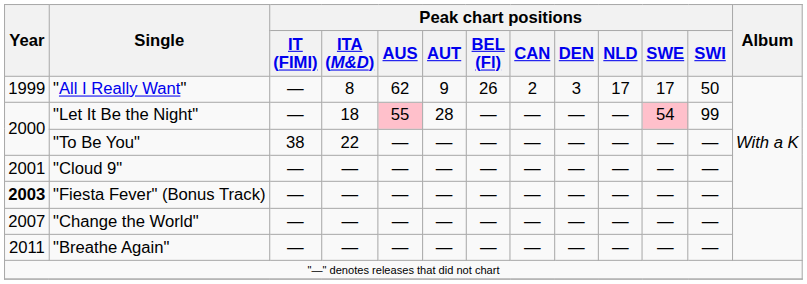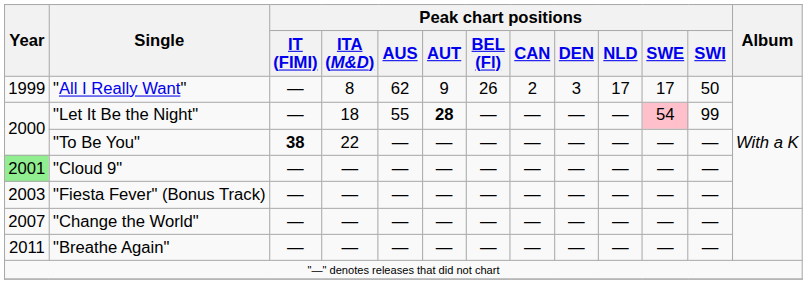 <table class="wikitable" style="text-align:center;">
 <tr>
 <th rowspan="2">Year</th>
 <th rowspan="2">Single</th>
 <th colspan="10">Peak chart positions</th>
 <th rowspan="2">Album</th>
 </tr>
 <tr>
 <th width="35"><a href='#'>IT<br>(FIMI)</a><br></th>
 <th width="35"><a href='#'>ITA<br>(<em>M&D</em>)</a><br></th>
 <th width="35"><a href='#'>AUS</a><br></th>
 <th width="35"><a href='#'>AUT</a><br></th>
 <th width="35"><a href='#'>BEL<br>(Fl)</a><br></th>
 <th width="35"><a href='#'>CAN</a><br></th>
 <th width="35"><a href='#'>DEN</a><br></th>
 <th width="35"><a href='#'>NLD</a><br></th>
 <th width="35"><a href='#'>SWE</a><br></th>
 <th width="35"><a href='#'>SWI</a><br></th>
 </tr>
 <tr>
 <td>1999</td>
 <td align="left">"<a href='#'>All I Really Want</a>"</td>
 <td>—</td>
 <td>8</td>
 <td>62</td>
 <td>9</td>
 <td>26</td>
 <td>2</td>
 <td>3</td>
 <td>17</td>
 <td>17</td>
 <td>50</td>
 <td align="left" rowspan="5"><em>With a K</em></td>
 </tr>
 <tr>
 <td rowspan="2">2000</td>
 <td align="left">"Let It Be the Night"</td>
 <td>—</td>
 <td>18</td>
-<td style="background: pink;">55</td>
-<td>28</td>
+<td>55</td>
+<td><strong>28</strong></td>
 <td>—</td>
 <td>—</td>
 <td>—</td>
 <td>—</td>
 <td style="background: pink;">54</td>
 <td>99</td>
 </tr>
 <tr>
 <td align="left">"To Be You"</td>
-<td>38</td>
+<td><strong>38</strong></td>
 <td>22</td>
 <td>—</td>
 <td>—</td>
 <td>—</td>
 <td>—</td>
 <td>—</td>
 <td>—</td>
 <td>—</td>
 <td>—</td>
 </tr>
 <tr>
-<td>2001</td>
+<td style="background: lightgreen;">2001</td>
 <td align="left">"Cloud 9"</td>
 <td>—</td>
 <td>—</td>
 <td>—</td>
 <td>—</td>
 <td>—</td>
 <td>—</td>
 <td>—</td>
 <td>—</td>
 <td>—</td>
 <td>—</td>
 </tr>
 <tr>
-<td><strong>2003</strong></td>
+<td>2003</td>
 <td align="left">"Fiesta Fever" (Bonus Track)</td>
 <td>—</td>
 <td>—</td>
 <td>—</td>
 <td>—</td>
 <td>—</td>
 <td>—</td>
 <td>—</td>
 <td>—</td>
 <td>—</td>
 <td>—</td>
 </tr>
 <tr>
 <td>2007</td>
 <td align="left">"Change the World"</td>
 <td>—</td>
 <td>—</td>
 <td>—</td>
 <td>—</td>
 <td>—</td>
 <td>—</td>
 <td>—</td>
 <td>—</td>
 <td>—</td>
 <td>—</td>
 </tr>
 <tr>
 <td>2011</td>
 <td align="left">"Breathe Again"</td>
 <td>—</td>
 <td>—</td>
 <td>—</td>
 <td>—</td>
 <td>—</td>
 <td>—</td>
 <td>—</td>
 <td>—</td>
 <td>—</td>
 <td>—</td>
 </tr>
 <tr>
 <td colspan="15" style="font-size:8pt">"—" denotes releases that did not chart</td>
 </tr>
 <tr>
 </tr>
 </table>
